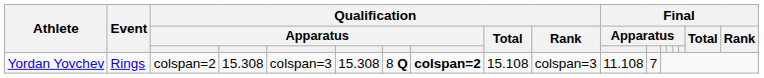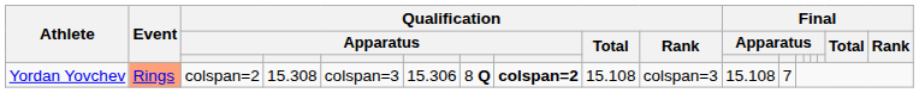 <table class="wikitable" style="font-size:90%">
 <tr>
 <th rowspan=3>Athlete</th>
 <th rowspan=3>Event</th>
 <th colspan =8>Qualification</th>
 <th colspan =8>Final</th>
 </tr>
 <tr style="font-size:95%">
 <th colspan=6>Apparatus</th>
 <th rowspan=2>Total</th>
 <th rowspan=2>Rank</th>
 <th colspan=6>Apparatus</th>
 <th rowspan=2>Total</th>
 <th rowspan=2>Rank</th>
 </tr>
 <tr style="font-size:95%">
 <th></th>
 <th></th>
 <th></th>
 <th></th>
 <th></th>
 <th></th>
 <th></th>
 <th></th>
 <th></th>
 <th></th>
 <th></th>
 <th></th>
 </tr>
 <tr align=center>
 <td align=left><a href='#'>Yordan Yovchev</a></td>
-<td align=left><a href='#'>Rings</a></td>
+<td align=left style="background: lightsalmon;"><a href='#'>Rings</a></td>
 <td>colspan=2 </td>
 <td>15.308</td>
 <td>colspan=3 </td>
-<td>15.308</td>
+<td>15.306</td>
 <td>8 <strong>Q</strong></td>
 <td><strong>colspan=2 </strong></td>
 <td>15.108</td>
 <td>colspan=3 </td>
-<td>11.108</td>
+<td>15.108</td>
 <td>7</td>
 </tr>
 </table>
